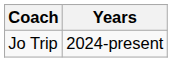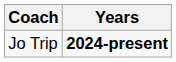 <table class="wikitable">
 <tr>
 <th>Coach</th>
 <th>Years</th>
 </tr>
 <tr>
 <td> Jo Trip</td>
-<td>2024-present</td>
+<td><strong>2024-present</strong></td>
 </tr>
 </table>
